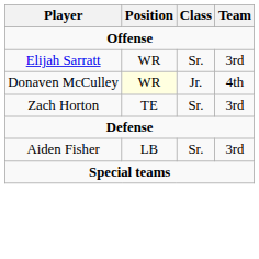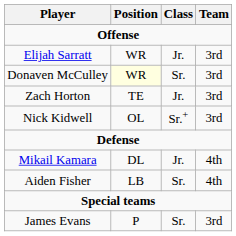 <table class="wikitable" style="text-align:center;">
 <tr>
 <th>Player</th>
 <th>Position</th>
 <th>Class</th>
 <th>Team</th>
 </tr>
 <tr>
 <td colspan="4"><strong>Offense</strong></td>
 </tr>
 <tr>
 <td><a href='#'>Elijah Sarratt</a></td>
 <td>WR</td>
-<td>Sr.</td>
+<td>Jr.</td>
 <td>3rd</td>
 </tr>
 <tr>
 <td>Donaven McCulley</td>
 <td style="background: lightyellow;">WR</td>
-<td>Jr.</td>
-<td>4th</td>
+<td>Sr.</td>
+<td>3rd</td>
 </tr>
 <tr>
 <td>Zach Horton</td>
 <td>TE</td>
-<td>Sr.</td>
+<td>Jr.</td>
+<td>3rd</td>
+</tr>
+<tr>
+<td>Nick Kidwell</td>
+<td>OL</td>
+<td> Sr.<sup>+</sup></td>
 <td>3rd</td>
 </tr>
 <tr>
 <td colspan="4"><strong>Defense</strong></td>
 </tr>
 <tr>
+<td><a href='#'>Mikail Kamara</a></td>
+<td>DL</td>
+<td> Jr.</td>
+<td>4th</td>
+</tr>
+<tr>
 <td>Aiden Fisher</td>
 <td>LB</td>
 <td>Sr.</td>
-<td>3rd</td>
+<td>4th</td>
 </tr>
 <tr>
 <td colspan="4"><strong>Special teams</strong></td>
 </tr>
+<tr>
+<td>James Evans</td>
+<td>P</td>
+<td>Sr.</td>
+<td>3rd</td>
+</tr>
 </table>
